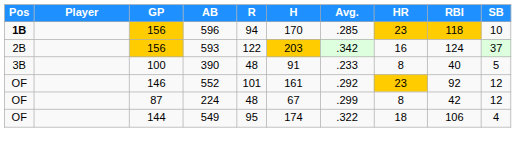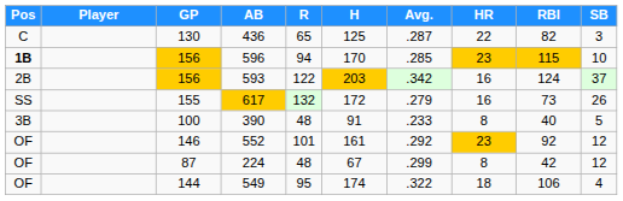 <table class="wikitable sortable">
 <tr>
 <th style="background:#1E90FF;color:#ffffff;" width="5%">Pos</th>
 <th style="background:#1E90FF;color:#ffffff;" width="16%">Player</th>
 <th style="background:#1E90FF;color:#ffffff;" width="9%">GP</th>
 <th style="background:#1E90FF;color:#ffffff;" width="9%">AB</th>
 <th style="background:#1E90FF;color:#ffffff;" width="5%">R</th>
 <th style="background:#1E90FF;color:#ffffff;" width="9%">H</th>
 <th style="background:#1E90FF;color:#ffffff;" width="9%">Avg.</th>
 <th style="background:#1E90FF;color:#ffffff;" width="9%">HR</th>
 <th style="background:#1E90FF;color:#ffffff;" width="9%">RBI</th>
 <th style="background:#1E90FF;color:#ffffff;" width="5%">SB</th>
 </tr>
 <tr align="center">
+<td>C</td>
+<td></td>
+<td>130</td>
+<td>436</td>
+<td>65</td>
+<td>125</td>
+<td>.287</td>
+<td>22</td>
+<td>82</td>
+<td>3</td>
+</tr>
+<tr align="center">
 <td><strong>1B</strong></td>
 <td></td>
 <td style="background:#fc0;">156</td>
 <td>596</td>
 <td>94</td>
 <td>170</td>
 <td>.285</td>
 <td style="background:#fc0;">23</td>
-<td style="background:#fc0;">118</td>
+<td style="background:#fc0;">115</td>
 <td>10</td>
 </tr>
 <tr align="center">
 <td>2B</td>
 <td></td>
 <td style="background:#fc0;">156</td>
 <td>593</td>
 <td>122</td>
 <td style="background:#fc0;">203</td>
 <td style="background:#DDFFDD;">.342</td>
 <td>16</td>
 <td>124</td>
 <td style="background:#DDFFDD;">37</td>
+</tr>
+<tr align="center">
+<td>SS</td>
+<td></td>
+<td>155</td>
+<td style="background:#fc0;">617</td>
+<td style="background:#DDFFDD;">132</td>
+<td>172</td>
+<td>.279</td>
+<td>16</td>
+<td>73</td>
+<td>26</td>
 </tr>
 <tr align="center">
 <td>3B</td>
 <td></td>
 <td>100</td>
 <td>390</td>
 <td>48</td>
 <td>91</td>
 <td>.233</td>
 <td>8</td>
 <td>40</td>
 <td>5</td>
 </tr>
 <tr align="center">
 <td>OF</td>
 <td></td>
 <td>146</td>
 <td>552</td>
 <td>101</td>
 <td>161</td>
 <td>.292</td>
 <td style="background:#fc0;">23</td>
 <td>92</td>
 <td>12</td>
 </tr>
 <tr align="center">
 <td>OF</td>
 <td></td>
 <td>87</td>
 <td>224</td>
 <td>48</td>
 <td>67</td>
 <td>.299</td>
 <td>8</td>
 <td>42</td>
 <td>12</td>
 </tr>
 <tr align="center">
 <td>OF</td>
 <td></td>
 <td>144</td>
 <td>549</td>
 <td>95</td>
 <td>174</td>
 <td>.322</td>
 <td>18</td>
 <td>106</td>
 <td>4</td>
 </tr>
 </table>
